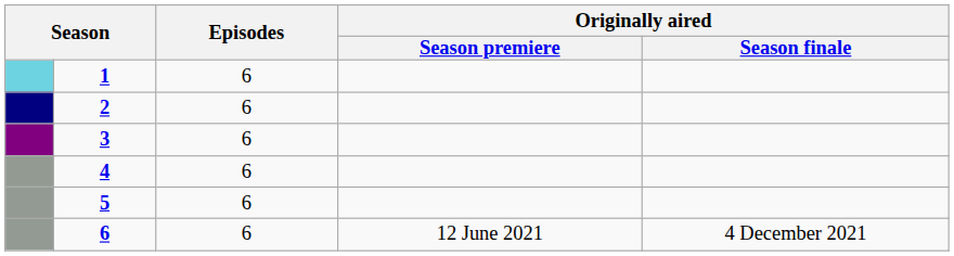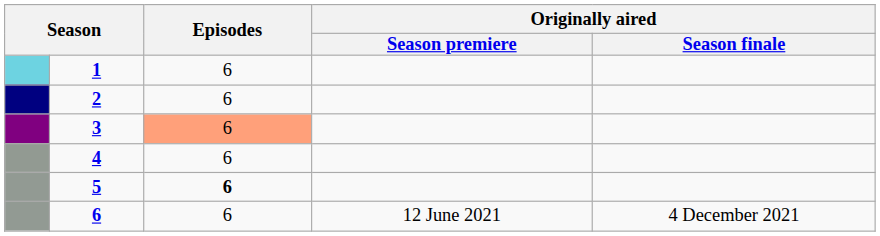 <table class="wikitable"  style="width:60%; text-align:center;">
 <tr>
 <th style="padding: 0 8px;" colspan="2" rowspan="2">Season</th>
 <th style="padding: 0 8px;" rowspan="2">Episodes</th>
 <th colspan="2">Originally aired</th>
 </tr>
 <tr>
 <th style="padding: 0 8px;"><a href='#'>Season premiere</a></th>
 <th style="padding: 0 8px;"><a href='#'>Season finale</a></th>
 </tr>
 <tr>
 <td style="background:#6DD3E1;"></td>
 <td><strong><a href='#'>1</a></strong></td>
 <td>6</td>
 <td style="padding: 0 8px;"></td>
 <td style="padding: 0 8px;"></td>
 </tr>
 <tr>
 <td style="background:#000080;"></td>
 <td><strong><a href='#'>2</a></strong></td>
 <td>6</td>
 <td style="padding: 0 8px;"></td>
 <td style="padding: 0 8px;"></td>
 </tr>
 <tr>
 <td style="background:#800080;"></td>
 <td><strong><a href='#'>3</a></strong></td>
-<td>6</td>
+<td style="background: lightsalmon;">6</td>
 <td style="padding: 0 8px;"></td>
 <td style="padding: 0 8px;"></td>
 </tr>
 <tr>
 <td style="background:#929A92;"></td>
 <td><strong><a href='#'>4</a></strong></td>
 <td>6</td>
 <td style="padding: 0 8px;"></td>
 <td style="padding: 0 8px;"></td>
 </tr>
 <tr>
 <td style="background:#929A93;"></td>
 <td><strong><a href='#'>5</a></strong></td>
-<td>6</td>
+<td><strong>6</strong></td>
 <td style="padding: 0 8px;"></td>
 <td style="padding: 0 8px;"></td>
 </tr>
 <tr>
 <td style="background:#929A93;"></td>
 <td><strong><a href='#'>6</a></strong></td>
 <td>6</td>
 <td style="padding: 0 8px;">12 June 2021</td>
 <td style="padding: 0 8px;">4 December 2021</td>
 </tr>
 </table>
